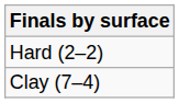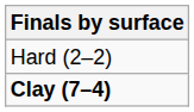 <table class=wikitable style=font-size:90%>
 <tr>
 <th>Finals by surface</th>
 </tr>
 <tr>
 <td>Hard (2–2)</td>
 </tr>
 <tr>
-<td>Clay (7–4)</td>
+<td><strong>Clay (7–4)</strong></td>
 </tr>
 </table>
